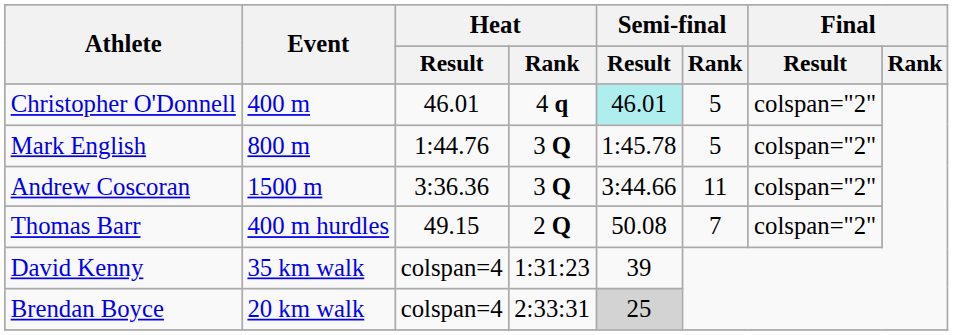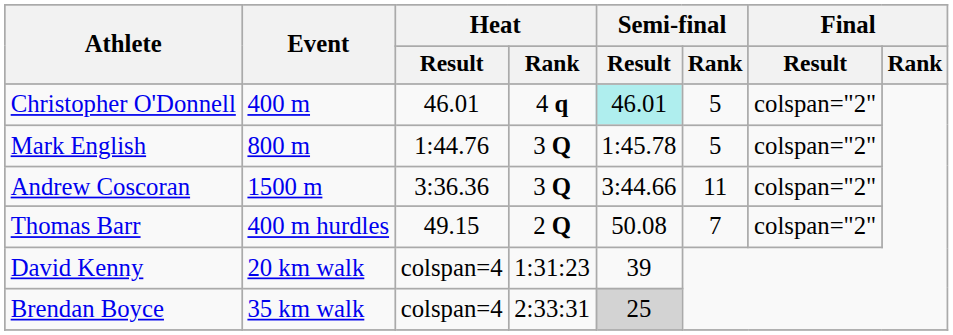 <table class="wikitable" style="font-size:90%">
 <tr>
 <th rowspan="2">Athlete</th>
 <th rowspan="2">Event</th>
 <th colspan="2">Heat</th>
 <th colspan="2">Semi-final</th>
 <th colspan="2">Final</th>
 </tr>
 <tr style="font-size:95%">
 <th>Result</th>
 <th>Rank</th>
 <th>Result</th>
 <th>Rank</th>
 <th>Result</th>
 <th>Rank</th>
 </tr>
 <tr align=center>
 <td align=left><a href='#'>Christopher O'Donnell</a></td>
 <td align=left><a href='#'>400 m</a></td>
 <td>46.01</td>
 <td>4 <strong>q</strong></td>
 <td style="background: paleturquoise;">46.01</td>
 <td>5</td>
 <td>colspan="2" </td>
 </tr>
 <tr align=center>
 <td align=left><a href='#'>Mark English</a></td>
 <td align=left><a href='#'>800 m</a></td>
 <td>1:44.76 </td>
 <td>3 <strong>Q</strong></td>
 <td>1:45.78</td>
 <td>5</td>
 <td>colspan="2" </td>
 </tr>
 <tr align=center>
 <td align=left><a href='#'>Andrew Coscoran</a></td>
 <td align=left><a href='#'>1500 m</a></td>
 <td>3:36.36 </td>
 <td>3 <strong>Q</strong></td>
 <td>3:44.66</td>
 <td>11</td>
 <td>colspan="2" </td>
 </tr>
 <tr align=center>
 <td align=left><a href='#'>Thomas Barr</a></td>
 <td align=left><a href='#'>400 m hurdles</a></td>
 <td>49.15 </td>
 <td>2 <strong>Q</strong></td>
 <td>50.08</td>
 <td>7</td>
 <td>colspan="2" </td>
 </tr>
 <tr align=center>
 <td align=left><a href='#'>David Kenny</a></td>
-<td align=left><a href='#'>35 km walk</a></td>
+<td align=left><a href='#'>20 km walk</a></td>
 <td>colspan=4 </td>
 <td>1:31:23</td>
 <td>39</td>
 </tr>
 <tr align=center>
 <td align=left><a href='#'>Brendan Boyce</a></td>
-<td align=left><a href='#'>20 km walk</a></td>
+<td align=left><a href='#'>35 km walk</a></td>
 <td>colspan=4 </td>
 <td>2:33:31 </td>
 <td style="background: lightgrey;">25</td>
 </tr>
 </table>
